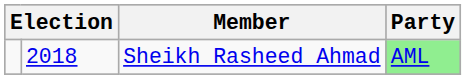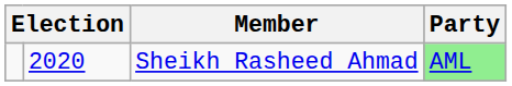 <table class="wikitable">
 <tr>
 <th colspan="2">Election</th>
 <th>Member</th>
 <th>Party</th>
 </tr>
 <tr>
 <td style="background-color: "></td>
-<td><a href='#'>2018</a></td>
+<td><a href='#'>2020</a></td>
 <td><a href='#'>Sheikh Rasheed Ahmad</a></td>
 <td style="background: lightgreen;"><a href='#'>AML</a></td>
 </tr>
 </table>
